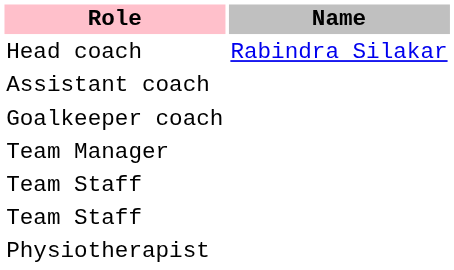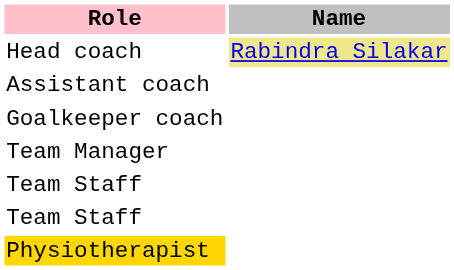 <table class="toccolours">
 <tr>
 <th style="background:pink;">Role</th>
 <th style="background:silver;">Name</th>
 </tr>
 <tr>
 <td>Head coach</td>
-<td> <a href='#'>Rabindra Silakar</a></td>
+<td style="background: khaki;"> <a href='#'>Rabindra Silakar</a></td>
 </tr>
 <tr>
 <td>Assistant coach</td>
 <td></td>
 </tr>
 <tr>
 <td>Goalkeeper coach</td>
 <td></td>
 </tr>
 <tr>
 <td>Team Manager</td>
 <td></td>
 </tr>
 <tr>
 <td>Team Staff</td>
 <td></td>
 </tr>
 <tr>
 <td>Team Staff</td>
 <td></td>
 </tr>
 <tr>
-<td>Physiotherapist</td>
+<td style="background: gold;">Physiotherapist</td>
 <td></td>
 </tr>
 <tr>
 </tr>
 </table>
